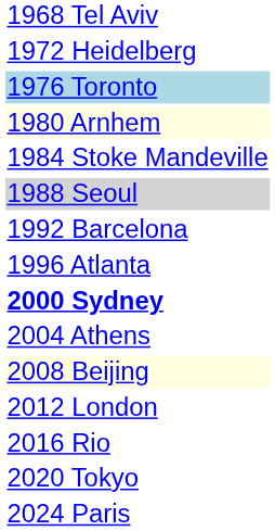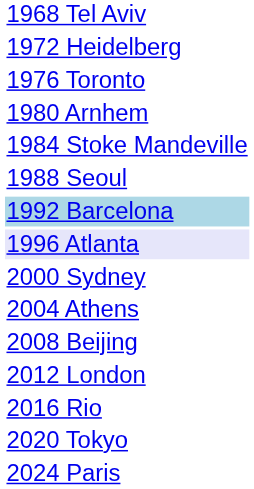 <table>
 <tr>
 <td><a href='#'>1968 Tel Aviv</a></td>
 <td align="center"><strong></strong></td>
 <td align="center"></td>
 <td align="center"></td>
 </tr>
 <tr>
 <td><a href='#'>1972 Heidelberg</a></td>
 <td align="center"><strong></strong></td>
 <td align="center"></td>
 <td align="center"></td>
 </tr>
 <tr>
-<td style="background: lightblue;"><a href='#'>1976 Toronto</a></td>
+<td><a href='#'>1976 Toronto</a></td>
 <td align="center"><strong></strong></td>
 <td align="center"></td>
 <td align="center"> </td>
 </tr>
 <tr>
-<td style="background: lightyellow;"><a href='#'>1980 Arnhem</a></td>
+<td><a href='#'>1980 Arnhem</a></td>
 <td align="center"><strong></strong></td>
 <td align="center"></td>
 <td align="center"> </td>
 </tr>
 <tr>
 <td><a href='#'>1984 Stoke Mandeville</a></td>
 <td align="center"><strong></strong></td>
 <td align="center"></td>
 <td align="center"></td>
 </tr>
 <tr>
-<td style="background: lightgrey;"><a href='#'>1988 Seoul</a></td>
+<td><a href='#'>1988 Seoul</a></td>
 <td align="center"><strong></strong></td>
 <td align="center"></td>
 <td align="center"> </td>
 </tr>
 <tr>
-<td><a href='#'>1992 Barcelona</a></td>
+<td style="background: lightblue;"><a href='#'>1992 Barcelona</a></td>
 <td align="center"><strong></strong></td>
 <td align="center"></td>
 <td align="center"></td>
 </tr>
 <tr>
-<td><a href='#'>1996 Atlanta</a></td>
+<td style="background: lavender;"><a href='#'>1996 Atlanta</a></td>
 <td align="center"><strong></strong></td>
 <td align="center"></td>
 <td align="center"> </td>
 </tr>
 <tr>
-<td><strong><a href='#'>2000 Sydney</a></strong></td>
+<td><a href='#'>2000 Sydney</a></td>
 <td align="center"><strong></strong></td>
 <td align="center"></td>
 <td align="center"> </td>
 </tr>
 <tr>
 <td><a href='#'>2004 Athens</a></td>
 <td align="center"><strong></strong></td>
 <td align="center"></td>
 <td align="center"></td>
 </tr>
 <tr>
-<td style="background: lightyellow;"><a href='#'>2008 Beijing</a></td>
+<td><a href='#'>2008 Beijing</a></td>
 <td align="center"><strong></strong></td>
 <td align="center"></td>
 <td align="center"></td>
 </tr>
 <tr>
 <td><a href='#'>2012 London</a></td>
 <td align="center"><strong></strong></td>
 <td align="center"></td>
 <td align="center"></td>
 </tr>
 <tr>
 <td><a href='#'>2016 Rio</a></td>
 <td align="center"><strong></strong></td>
 <td align="center"></td>
 <td align="center"></td>
 </tr>
 <tr>
 <td><a href='#'>2020 Tokyo</a></td>
 <td align="center"><strong></strong></td>
 <td align="center"></td>
 <td align="center"></td>
 </tr>
 <tr>
 <td><a href='#'>2024 Paris</a></td>
 <td align="center"><strong></strong></td>
 <td align="center"></td>
 <td align="center"></td>
 </tr>
 </table>
